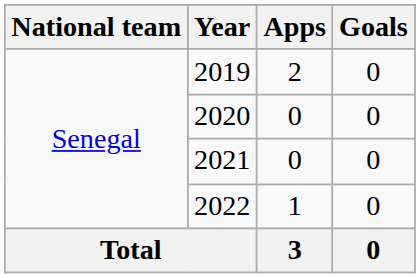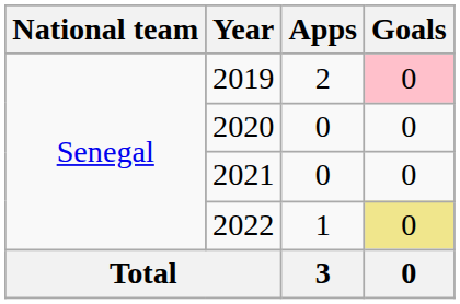 <table class="wikitable" style="text-align:center">
 <tr>
 <th>National team</th>
 <th>Year</th>
 <th>Apps</th>
 <th>Goals</th>
 </tr>
 <tr>
 <td rowspan="4"><a href='#'>Senegal</a></td>
 <td>2019</td>
 <td>2</td>
-<td>0</td>
+<td style="background: pink;">0</td>
 </tr>
 <tr>
 <td>2020</td>
 <td>0</td>
 <td>0</td>
 </tr>
 <tr>
 <td>2021</td>
 <td>0</td>
 <td>0</td>
 </tr>
 <tr>
 <td>2022</td>
 <td>1</td>
-<td>0</td>
+<td style="background: khaki;">0</td>
 </tr>
 <tr>
 <th colspan="2">Total</th>
 <th>3</th>
 <th>0</th>
 </tr>
 </table>
